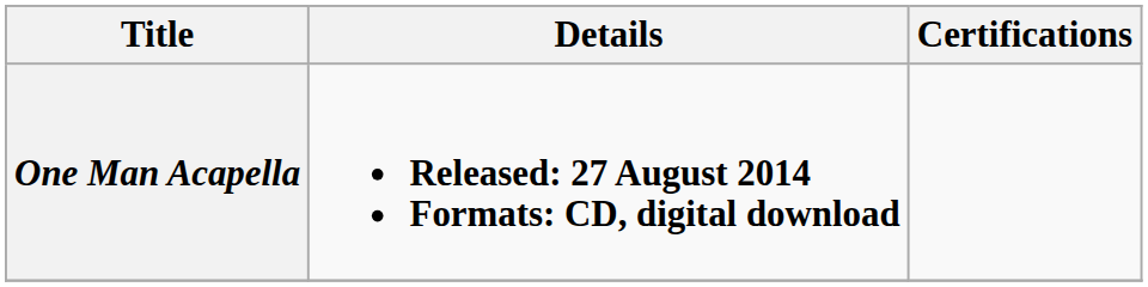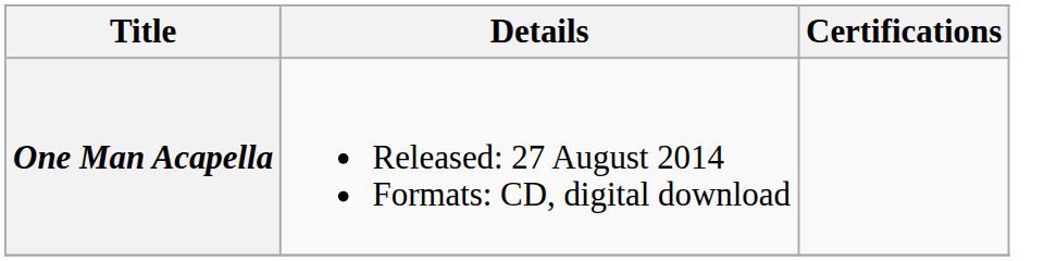 <table class="wikitable">
 <tr>
 <th>Title</th>
 <th>Details</th>
 <th>Certifications</th>
 </tr>
 <tr>
 <th><strong><em>One Man Acapella</em></strong></th>
-<td><strong><br><ul><li>Released: 27 August 2014</li><li>Formats: CD, digital download</li></ul></strong></td>
+<td><br><ul><li>Released: 27 August 2014</li><li>Formats: CD, digital download</li></ul></td>
 <td></td>
 </tr>
 <tr>
 </tr>
 </table>
